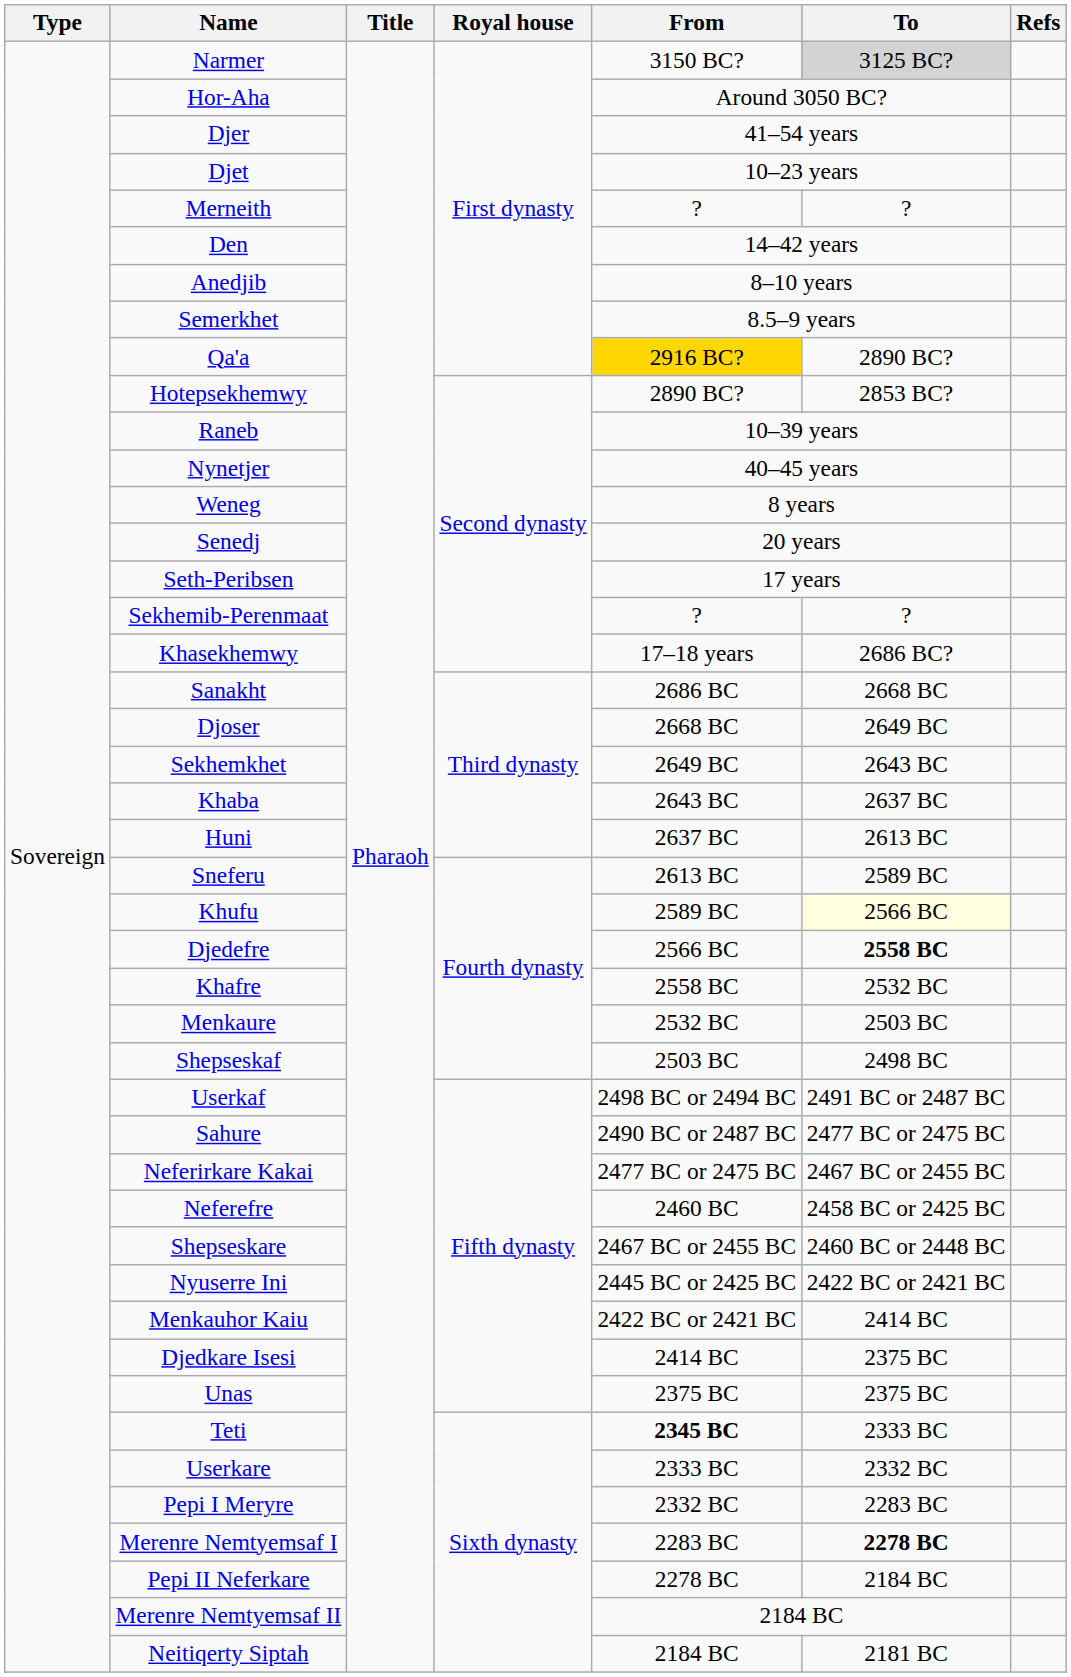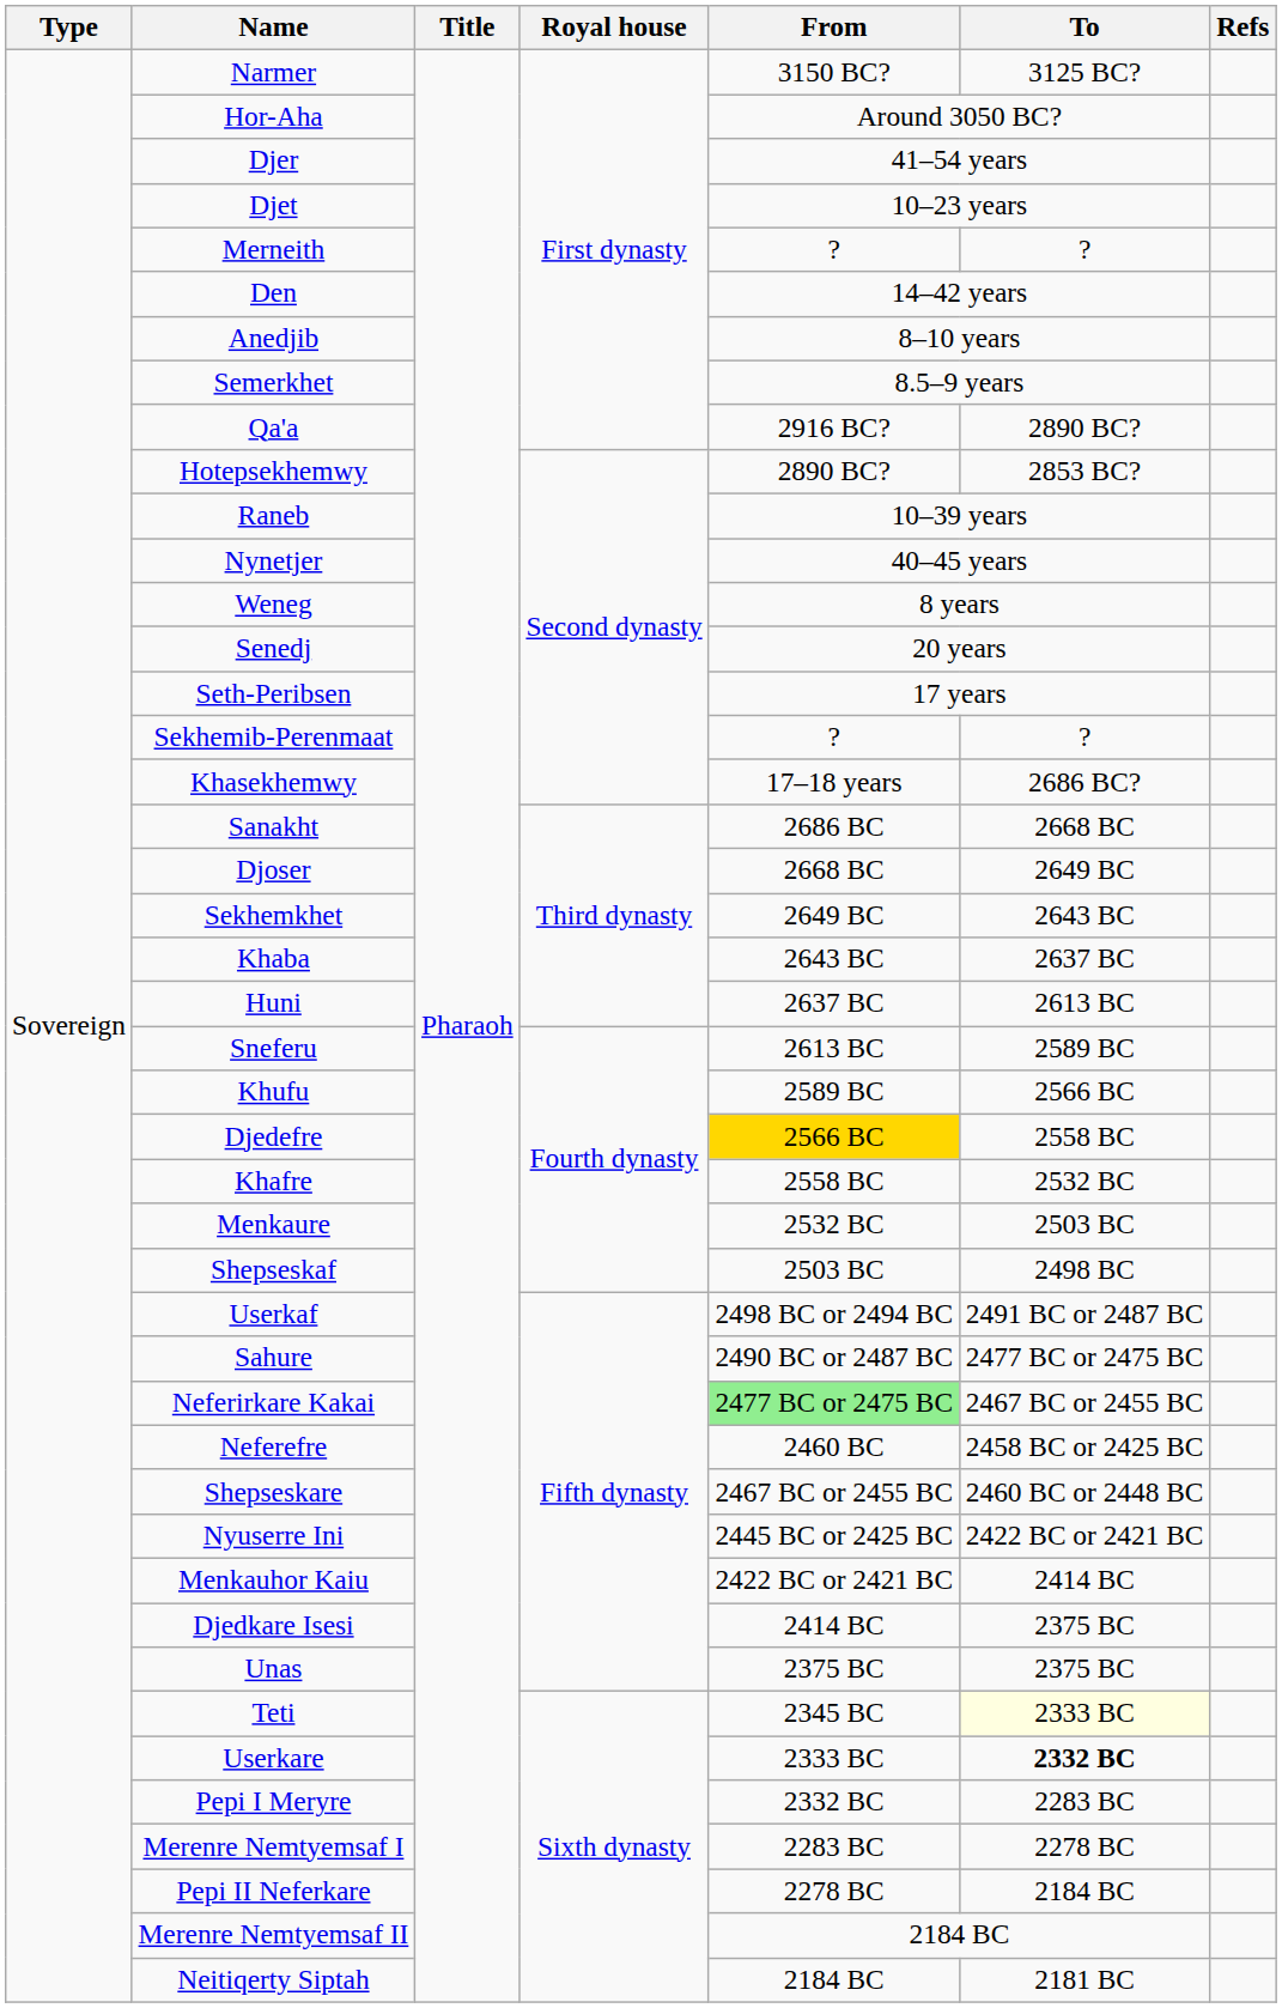 <table style="text-align:center;" class="wikitable">
 <tr>
 <th>Type</th>
 <th>Name</th>
 <th>Title</th>
 <th>Royal house</th>
 <th>From</th>
 <th>To</th>
 <th>Refs</th>
 </tr>
 <tr>
 <td rowspan="44">Sovereign</td>
 <td><a href='#'>Narmer</a></td>
 <td rowspan="44"><a href='#'>Pharaoh</a></td>
 <td rowspan="9"><a href='#'>First dynasty</a></td>
 <td>3150 BC?</td>
-<td style="background: lightgrey;">3125 BC?</td>
+<td>3125 BC?</td>
 <td></td>
 </tr>
 <tr>
 <td><a href='#'>Hor-Aha</a></td>
 <td colspan="2">Around 3050 BC?</td>
 <td></td>
 </tr>
 <tr>
 <td><a href='#'>Djer</a></td>
 <td colspan="2">41–54 years</td>
 <td></td>
 </tr>
 <tr>
 <td><a href='#'>Djet</a></td>
 <td colspan="2">10–23 years</td>
 <td></td>
 </tr>
 <tr>
 <td><a href='#'>Merneith</a></td>
 <td>?</td>
 <td>?</td>
 <td></td>
 </tr>
 <tr>
 <td><a href='#'>Den</a></td>
 <td colspan="2">14–42 years</td>
 <td></td>
 </tr>
 <tr>
 <td><a href='#'>Anedjib</a></td>
 <td colspan="2">8–10 years</td>
 <td></td>
 </tr>
 <tr>
 <td><a href='#'>Semerkhet</a></td>
 <td colspan="2">8.5–9 years</td>
 <td></td>
 </tr>
 <tr>
 <td><a href='#'>Qa'a</a></td>
-<td style="background: gold;">2916 BC?</td>
+<td>2916 BC?</td>
 <td>2890 BC?</td>
 <td></td>
 </tr>
 <tr>
 <td><a href='#'>Hotepsekhemwy</a></td>
 <td rowspan="8"><a href='#'>Second dynasty</a></td>
 <td>2890 BC?</td>
 <td>2853 BC?</td>
 <td></td>
 </tr>
 <tr>
 <td><a href='#'>Raneb</a></td>
 <td colspan="2">10–39 years</td>
 <td></td>
 </tr>
 <tr>
 <td><a href='#'>Nynetjer</a></td>
 <td colspan="2">40–45 years</td>
 <td></td>
 </tr>
 <tr>
 <td><a href='#'>Weneg</a></td>
 <td colspan="2">8 years</td>
 <td></td>
 </tr>
 <tr>
 <td><a href='#'>Senedj</a></td>
 <td colspan="2">20 years</td>
 <td></td>
 </tr>
 <tr>
 <td><a href='#'>Seth-Peribsen</a></td>
 <td colspan="2">17 years</td>
 <td></td>
 </tr>
 <tr>
 <td><a href='#'>Sekhemib-Perenmaat</a></td>
 <td>?</td>
 <td>?</td>
 <td></td>
 </tr>
 <tr>
 <td><a href='#'>Khasekhemwy</a></td>
 <td>17–18 years</td>
 <td>2686 BC?</td>
 <td></td>
 </tr>
 <tr>
 <td><a href='#'>Sanakht</a></td>
 <td rowspan="5"><a href='#'>Third dynasty</a></td>
 <td>2686 BC</td>
 <td>2668 BC</td>
 <td></td>
 </tr>
 <tr>
 <td><a href='#'>Djoser</a></td>
 <td>2668 BC</td>
 <td>2649 BC</td>
 <td></td>
 </tr>
 <tr>
 <td><a href='#'>Sekhemkhet</a></td>
 <td>2649 BC</td>
 <td>2643 BC</td>
 <td></td>
 </tr>
 <tr>
 <td><a href='#'>Khaba</a></td>
 <td>2643 BC</td>
 <td>2637 BC</td>
 <td></td>
 </tr>
 <tr>
 <td><a href='#'>Huni</a></td>
 <td>2637 BC</td>
 <td>2613 BC</td>
 <td></td>
 </tr>
 <tr>
 <td><a href='#'>Sneferu</a></td>
 <td rowspan="6"><a href='#'>Fourth dynasty</a></td>
 <td>2613 BC</td>
 <td>2589 BC</td>
 <td></td>
 </tr>
 <tr>
 <td><a href='#'>Khufu</a></td>
 <td>2589 BC</td>
-<td style="background: lightyellow;">2566 BC</td>
+<td>2566 BC</td>
 <td></td>
 </tr>
 <tr>
 <td><a href='#'>Djedefre</a></td>
-<td>2566 BC</td>
-<td><strong>2558 BC</strong></td>
+<td style="background: gold;">2566 BC</td>
+<td>2558 BC</td>
 <td></td>
 </tr>
 <tr>
 <td><a href='#'>Khafre</a></td>
 <td>2558 BC</td>
 <td>2532 BC</td>
 <td></td>
 </tr>
 <tr>
 <td><a href='#'>Menkaure</a></td>
 <td>2532 BC</td>
 <td>2503 BC</td>
 <td></td>
 </tr>
 <tr>
 <td><a href='#'>Shepseskaf</a></td>
 <td>2503 BC</td>
 <td>2498 BC</td>
 <td></td>
 </tr>
 <tr>
 <td><a href='#'>Userkaf</a></td>
 <td rowspan="9"><a href='#'>Fifth dynasty</a></td>
 <td>2498 BC or 2494 BC</td>
 <td>2491 BC or 2487 BC</td>
 <td></td>
 </tr>
 <tr>
 <td><a href='#'>Sahure</a></td>
 <td>2490 BC or 2487 BC</td>
 <td>2477 BC or 2475 BC</td>
 <td></td>
 </tr>
 <tr>
 <td><a href='#'>Neferirkare Kakai</a></td>
-<td>2477 BC or 2475 BC</td>
+<td style="background: lightgreen;">2477 BC or 2475 BC</td>
 <td>2467 BC or 2455 BC</td>
 <td></td>
 </tr>
 <tr>
 <td><a href='#'>Neferefre</a></td>
 <td>2460 BC</td>
 <td>2458 BC or 2425 BC</td>
 <td></td>
 </tr>
 <tr>
 <td><a href='#'>Shepseskare</a></td>
 <td>2467 BC or 2455 BC</td>
 <td>2460 BC or 2448 BC</td>
 <td></td>
 </tr>
 <tr>
 <td><a href='#'>Nyuserre Ini</a></td>
 <td>2445 BC or 2425 BC</td>
 <td>2422 BC or 2421 BC</td>
 <td></td>
 </tr>
 <tr>
 <td><a href='#'>Menkauhor Kaiu</a></td>
 <td>2422 BC or 2421 BC</td>
 <td>2414 BC</td>
 <td></td>
 </tr>
 <tr>
 <td><a href='#'>Djedkare Isesi</a></td>
 <td>2414 BC</td>
 <td>2375 BC</td>
 <td></td>
 </tr>
 <tr>
 <td><a href='#'>Unas</a></td>
 <td>2375 BC</td>
 <td>2375 BC</td>
 <td></td>
 </tr>
 <tr>
 <td><a href='#'>Teti</a></td>
 <td rowspan="7"><a href='#'>Sixth dynasty</a></td>
-<td><strong>2345 BC</strong></td>
-<td>2333 BC</td>
+<td>2345 BC</td>
+<td style="background: lightyellow;">2333 BC</td>
 <td></td>
 </tr>
 <tr>
 <td><a href='#'>Userkare</a></td>
 <td>2333 BC</td>
-<td>2332 BC</td>
+<td><strong>2332 BC</strong></td>
 <td></td>
 </tr>
 <tr>
 <td><a href='#'>Pepi I Meryre</a></td>
 <td>2332 BC</td>
 <td>2283 BC</td>
 <td></td>
 </tr>
 <tr>
 <td><a href='#'>Merenre Nemtyemsaf I</a></td>
 <td>2283 BC</td>
-<td><strong>2278 BC</strong></td>
+<td>2278 BC</td>
 <td></td>
 </tr>
 <tr>
 <td><a href='#'>Pepi II Neferkare</a></td>
 <td>2278 BC</td>
 <td>2184 BC</td>
 <td></td>
 </tr>
 <tr>
 <td><a href='#'>Merenre Nemtyemsaf II</a></td>
 <td colspan="2">2184 BC</td>
 <td></td>
 </tr>
 <tr>
 <td><a href='#'>Neitiqerty Siptah</a></td>
 <td>2184 BC</td>
 <td>2181 BC</td>
 <td></td>
 </tr>
 </table>
